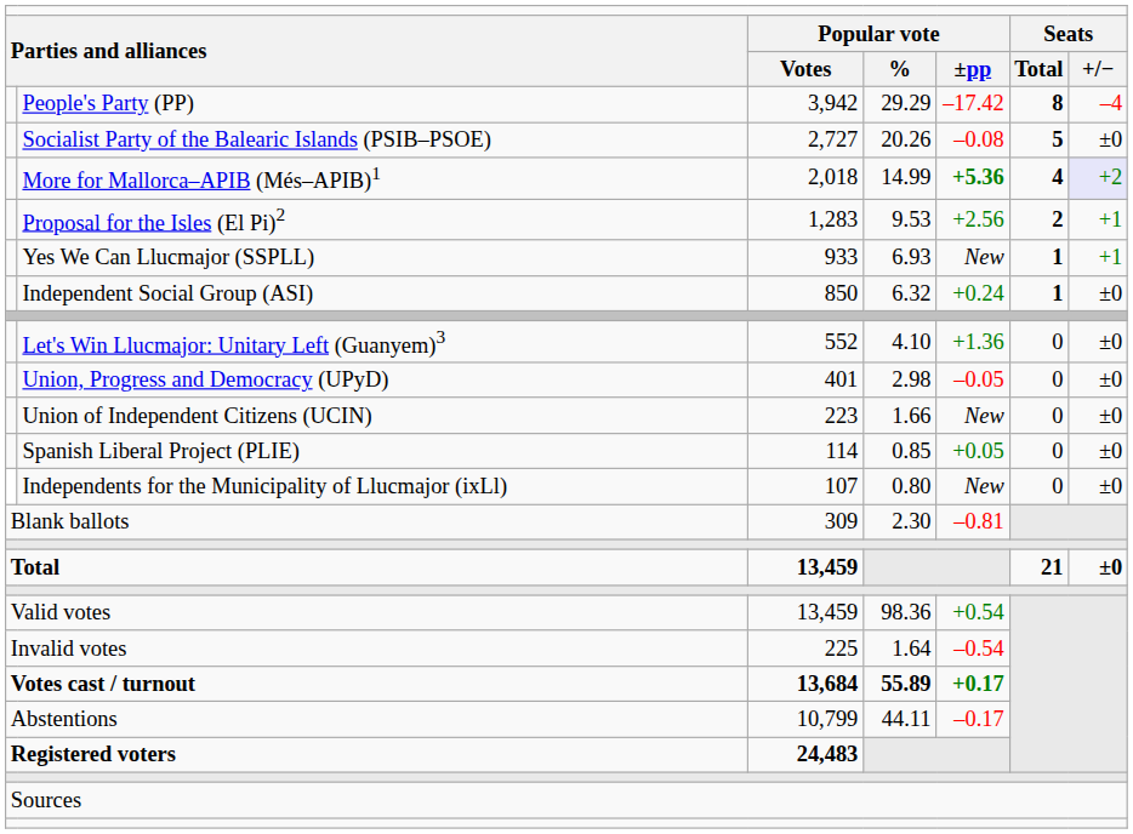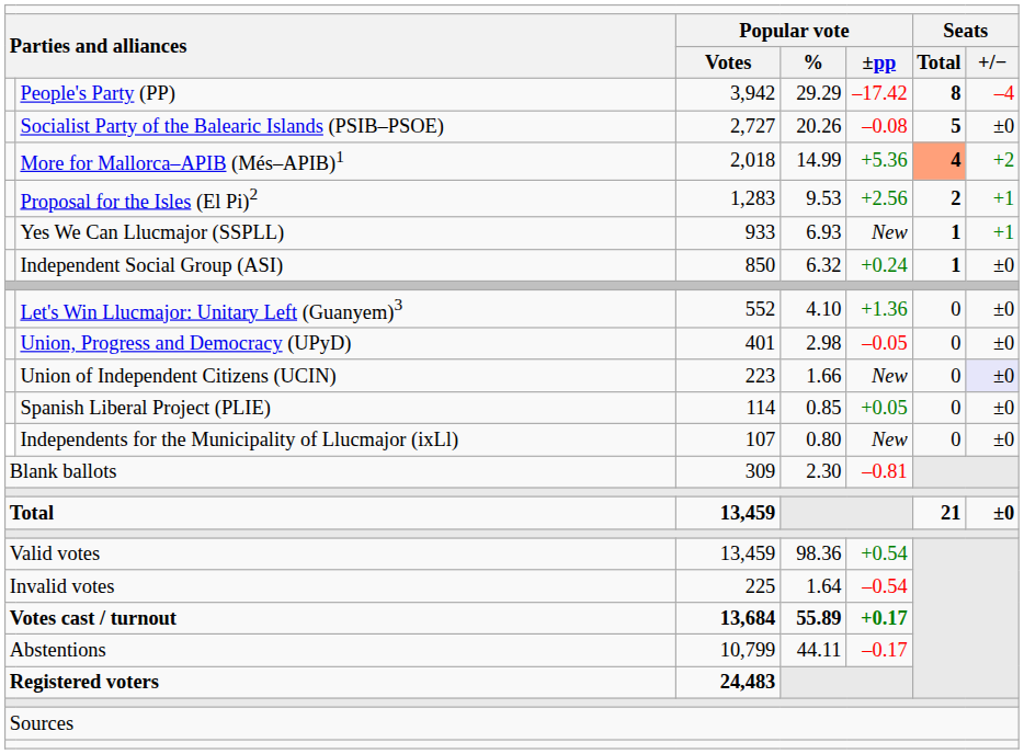 <table class="wikitable" style="text-align:right;">
 <tr>
 <td colspan="7"></td>
 </tr>
 <tr>
 <th style="text-align:left;" rowspan="2" colspan="2" width="525">Parties and alliances</th>
 <th colspan="3">Popular vote</th>
 <th colspan="2">Seats</th>
 </tr>
 <tr>
 <th width="75">Votes</th>
 <th width="45">%</th>
 <th width="45">±<a href='#'>pp</a></th>
 <th width="35">Total</th>
 <th width="35">+/−</th>
 </tr>
 <tr>
 <td width="1" style="color:inherit;background:"></td>
 <td align="left"><a href='#'>People's Party</a> (PP)</td>
 <td>3,942</td>
 <td>29.29</td>
 <td style="color:red;">–17.42</td>
 <td><strong>8</strong></td>
 <td style="color:red;">–4</td>
 </tr>
 <tr>
 <td style="color:inherit;background:"></td>
 <td align="left"><a href='#'>Socialist Party of the Balearic Islands</a> (PSIB–PSOE)</td>
 <td>2,727</td>
 <td>20.26</td>
 <td style="color:red;">–0.08</td>
 <td><strong>5</strong></td>
 <td>±0</td>
 </tr>
 <tr>
 <td style="color:inherit;background:"></td>
 <td align="left"><a href='#'>More for Mallorca–APIB</a> (Més–APIB)<sup>1</sup></td>
 <td>2,018</td>
 <td>14.99</td>
-<td style="color:green;"><strong>+5.36</strong></td>
-<td><strong>4</strong></td>
-<td style="background: lavender; color:green;">+2</td>
+<td style="color:green;">+5.36</td>
+<td style="background: lightsalmon;"><strong>4</strong></td>
+<td style="color:green;">+2</td>
 </tr>
 <tr>
 <td style="color:inherit;background:"></td>
 <td align="left"><a href='#'>Proposal for the Isles</a> (El Pi)<sup>2</sup></td>
 <td>1,283</td>
 <td>9.53</td>
 <td style="color:green;">+2.56</td>
 <td><strong>2</strong></td>
 <td style="color:green;">+1</td>
 </tr>
 <tr>
 <td style="color:inherit;background:"></td>
 <td align="left">Yes We Can Llucmajor (SSPLL)</td>
 <td>933</td>
 <td>6.93</td>
 <td><em>New</em></td>
 <td><strong>1</strong></td>
 <td style="color:green;">+1</td>
 </tr>
 <tr>
 <td style="color:inherit;background:"></td>
 <td align="left">Independent Social Group (ASI)</td>
 <td>850</td>
 <td>6.32</td>
 <td style="color:green;">+0.24</td>
 <td><strong>1</strong></td>
 <td>±0</td>
 </tr>
 <tr>
 <td colspan="7" bgcolor="#C0C0C0"></td>
 </tr>
 <tr>
 <td style="color:inherit;background:"></td>
 <td align="left"><a href='#'>Let's Win Llucmajor: Unitary Left</a> (Guanyem)<sup>3</sup></td>
 <td>552</td>
 <td>4.10</td>
 <td style="color:green;">+1.36</td>
 <td>0</td>
 <td>±0</td>
 </tr>
 <tr>
 <td style="color:inherit;background:"></td>
 <td align="left"><a href='#'>Union, Progress and Democracy</a> (UPyD)</td>
 <td>401</td>
 <td>2.98</td>
 <td style="color:red;">–0.05</td>
 <td>0</td>
 <td>±0</td>
 </tr>
 <tr>
 <td style="color:inherit;background:"></td>
 <td align="left">Union of Independent Citizens (UCIN)</td>
 <td>223</td>
 <td>1.66</td>
 <td><em>New</em></td>
 <td>0</td>
-<td>±0</td>
+<td style="background: lavender;">±0</td>
 </tr>
 <tr>
 <td style="color:inherit;background:"></td>
 <td align="left">Spanish Liberal Project (PLIE)</td>
 <td>114</td>
 <td>0.85</td>
 <td style="color:green;">+0.05</td>
 <td>0</td>
 <td>±0</td>
 </tr>
 <tr>
 <td bgcolor="white"></td>
 <td align="left">Independents for the Municipality of Llucmajor (ixLl)</td>
 <td>107</td>
 <td>0.80</td>
 <td><em>New</em></td>
 <td>0</td>
 <td>±0</td>
 </tr>
 <tr>
 <td align="left" colspan="2">Blank ballots</td>
 <td>309</td>
 <td>2.30</td>
 <td style="color:red;">–0.81</td>
 <td bgcolor="#E9E9E9" colspan="2"></td>
 </tr>
 <tr>
 <td colspan="7" bgcolor="#E9E9E9"></td>
 </tr>
 <tr style="font-weight:bold;">
 <td align="left" colspan="2">Total</td>
 <td>13,459</td>
 <td bgcolor="#E9E9E9" colspan="2"></td>
 <td>21</td>
 <td>±0</td>
 </tr>
 <tr>
 <td colspan="7" bgcolor="#E9E9E9"></td>
 </tr>
 <tr>
 <td align="left" colspan="2">Valid votes</td>
 <td>13,459</td>
 <td>98.36</td>
 <td style="color:green;">+0.54</td>
 <td bgcolor="#E9E9E9" colspan="2" rowspan="5"></td>
 </tr>
 <tr>
 <td align="left" colspan="2">Invalid votes</td>
 <td>225</td>
 <td>1.64</td>
 <td style="color:red;">–0.54</td>
 </tr>
 <tr style="font-weight:bold;">
 <td align="left" colspan="2">Votes cast / turnout</td>
 <td>13,684</td>
 <td>55.89</td>
 <td style="color:green;">+0.17</td>
 </tr>
 <tr>
 <td align="left" colspan="2">Abstentions</td>
 <td>10,799</td>
 <td>44.11</td>
 <td style="color:red;">–0.17</td>
 </tr>
 <tr style="font-weight:bold;">
 <td align="left" colspan="2">Registered voters</td>
 <td>24,483</td>
 <td bgcolor="#E9E9E9" colspan="2"></td>
 </tr>
 <tr>
 <td colspan="7" bgcolor="#E9E9E9"></td>
 </tr>
 <tr>
 <td align="left" colspan="7">Sources</td>
 </tr>
 <tr>
 <td colspan="7" style="text-align:left; max-width:790px;"></td>
 </tr>
 </table>
